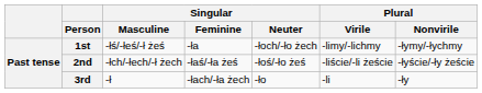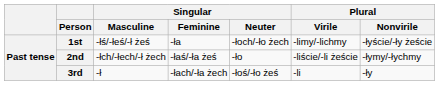 <table class="wikitable">
 <tr>
 <th rowspan="2"></th>
 <th></th>
 <th colspan="3">Singular</th>
 <th colspan="2">Plural</th>
 </tr>
 <tr>
 <th>Person</th>
 <th>Masculine</th>
 <th>Feminine</th>
 <th>Neuter</th>
 <th>Virile</th>
 <th>Nonvirile</th>
 </tr>
 <tr>
 <th rowspan="7">Past tense</th>
 <th>1st</th>
 <td>-łś/-łeś/-ł żeś</td>
 <td>-ła</td>
 <td>-łoch/-ło żech</td>
 <td>-limy/-lichmy</td>
-<td>-łymy/-łychmy</td>
+<td>-łyście/-ły żeście</td>
 </tr>
 <tr>
 <th>2nd</th>
 <td>-łch/-łech/-ł żech</td>
 <td>-łaś/-ła żeś</td>
-<td>-łoś/-ło żeś</td>
+<td>-ło</td>
 <td>-liście/-li żeście</td>
-<td>-łyście/-ły żeście</td>
+<td>-łymy/-łychmy</td>
 </tr>
 <tr>
 <th>3rd</th>
 <td>-ł</td>
 <td>-łach/-ła żech</td>
-<td>-ło</td>
+<td>-łoś/-ło żeś</td>
 <td>-li</td>
 <td>-ły</td>
 </tr>
 </table>
